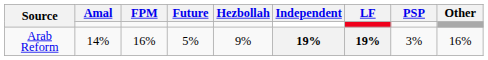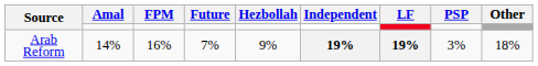 <table class="wikitable" style="text-align:center;font-size:95%;line-height:14px;">
 <tr>
 <th rowspan="2" style="width:80px;">Source</th>
 <th style="width:50px;"><a href='#'>Amal</a></th>
 <th style="width:50px;"><a href='#'>FPM</a></th>
 <th style="width:50px;"><a href='#'>Future</a></th>
 <th style="width:50px;"><a href='#'>Hezbollah</a></th>
 <th style="width:50px;"><a href='#'>Independent</a></th>
 <th style="width:50px;"><a href='#'>LF</a></th>
 <th style="width:50px;"><a href='#'>PSP</a></th>
 <th style="width:50px;">Other</th>
 </tr>
 <tr>
 <td></td>
 <td></td>
 <td></td>
 <td></td>
 <td bgcolor="white"></td>
 <td bgcolor="#F0001C"></td>
 <td></td>
 <td bgcolor="darkgray"></td>
 </tr>
 <tr>
 <td><a href='#'>Arab Reform</a></td>
 <td>14%</td>
 <td>16%</td>
-<td>5%</td>
+<td>7%</td>
 <td>9%</td>
 <th><strong>19%</strong></th>
 <th>19%</th>
 <td>3%</td>
-<td>16%</td>
+<td>18%</td>
 </tr>
 </table>
